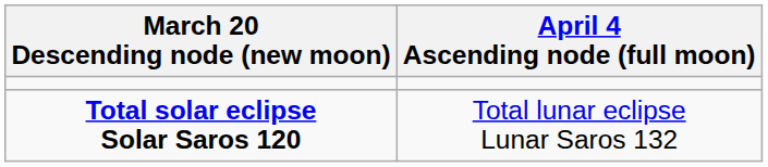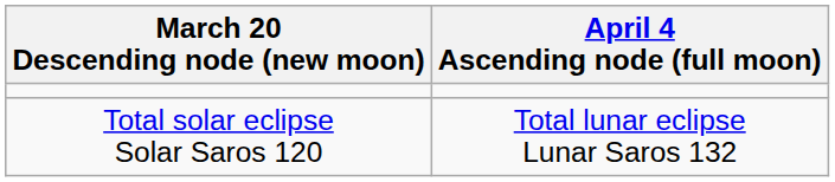 <table class="wikitable">
 <tr>
 <th>March 20<br>Descending node (new moon)<br></th>
 <th><a href='#'>April 4</a><br>Ascending node (full moon)<br></th>
 </tr>
 <tr>
 <td></td>
 <td></td>
 </tr>
 <tr align=center>
-<td><strong><a href='#'>Total solar eclipse</a><br>Solar Saros 120</strong></td>
+<td><a href='#'>Total solar eclipse</a><br>Solar Saros 120</td>
 <td><a href='#'>Total lunar eclipse</a><br>Lunar Saros 132</td>
 </tr>
 </table>
